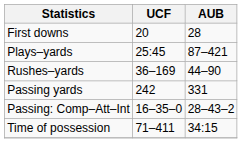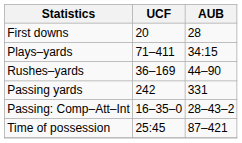 <table class="wikitable">
 <tr>
 <th>Statistics</th>
 <th>UCF</th>
 <th>AUB</th>
 </tr>
 <tr>
 <td>First downs</td>
 <td>20</td>
 <td>28</td>
 </tr>
 <tr>
 <td>Plays–yards</td>
-<td>25:45</td>
-<td>87–421</td>
+<td>71–411</td>
+<td>34:15</td>
 </tr>
 <tr>
 <td>Rushes–yards</td>
 <td>36–169</td>
 <td>44–90</td>
 </tr>
 <tr>
 <td>Passing yards</td>
 <td>242</td>
 <td>331</td>
 </tr>
 <tr>
 <td>Passing: Comp–Att–Int</td>
 <td>16–35–0</td>
 <td>28–43–2</td>
 </tr>
 <tr>
 <td>Time of possession</td>
-<td>71–411</td>
-<td>34:15</td>
+<td>25:45</td>
+<td>87–421</td>
 </tr>
 <tr>
 </tr>
 </table>
